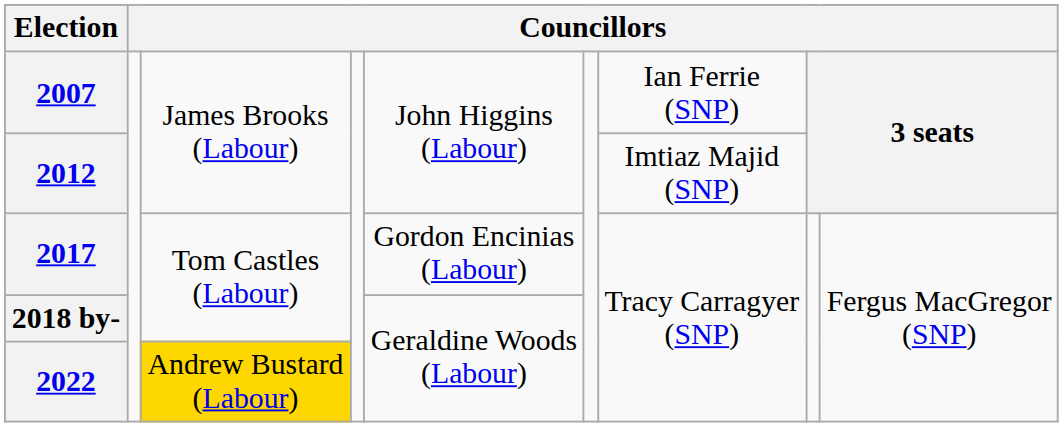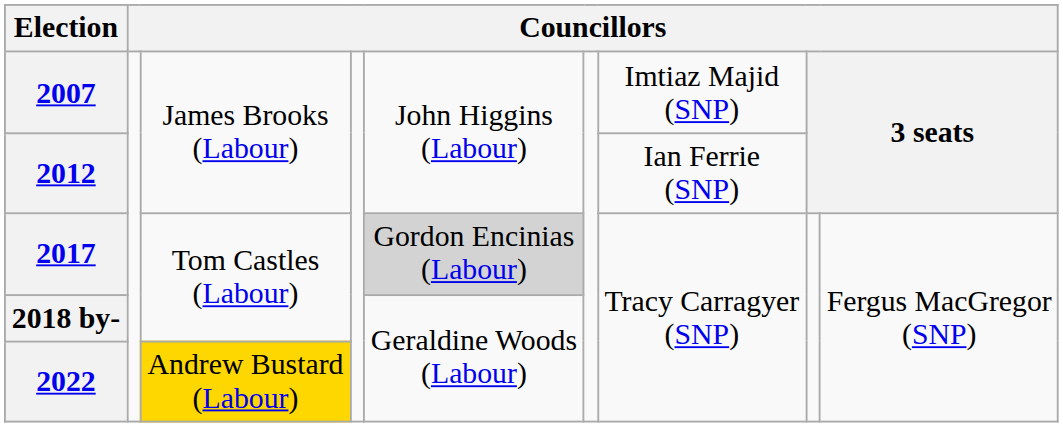 <table class="wikitable" style="text-align:center">
 <tr>
 <th>Election</th>
 <th colspan=8>Councillors</th>
 </tr>
 <tr>
 <th><a href='#'>2007</a></th>
 <td rowspan=5; style="background-color: "></td>
 <td rowspan=2>James Brooks<br>(<a href='#'>Labour</a>)</td>
 <td rowspan=5; style="background-color: "></td>
 <td rowspan=2>John Higgins<br>(<a href='#'>Labour</a>)</td>
 <td rowspan=5; style="background-color: "></td>
-<td rowspan=1>Ian Ferrie<br>(<a href='#'>SNP</a>)</td>
+<td rowspan=1>Imtiaz Majid<br>(<a href='#'>SNP</a>)</td>
 <th colspan=2; rowspan=2>3 seats</th>
 </tr>
 <tr>
 <th><a href='#'>2012</a></th>
-<td rowspan=1>Imtiaz Majid<br>(<a href='#'>SNP</a>)</td>
+<td rowspan=1>Ian Ferrie<br>(<a href='#'>SNP</a>)</td>
 </tr>
 <tr>
 <th><a href='#'>2017</a></th>
 <td rowspan=2>Tom Castles<br>(<a href='#'>Labour</a>)</td>
-<td rowspan=1>Gordon Encinias<br>(<a href='#'>Labour</a>)</td>
+<td rowspan=1 style="background: lightgrey;">Gordon Encinias<br>(<a href='#'>Labour</a>)</td>
 <td rowspan=3>Tracy Carragyer<br>(<a href='#'>SNP</a>)</td>
 <td rowspan=3; style="background-color: "></td>
 <td rowspan=3>Fergus MacGregor<br>(<a href='#'>SNP</a>)</td>
 </tr>
 <tr>
 <th>2018 by-</th>
 <td rowspan=2>Geraldine Woods<br>(<a href='#'>Labour</a>)</td>
 </tr>
 <tr>
 <th><a href='#'>2022</a></th>
 <td rowspan=1 style="background: gold;">Andrew Bustard<br>(<a href='#'>Labour</a>)</td>
 </tr>
 </table>
